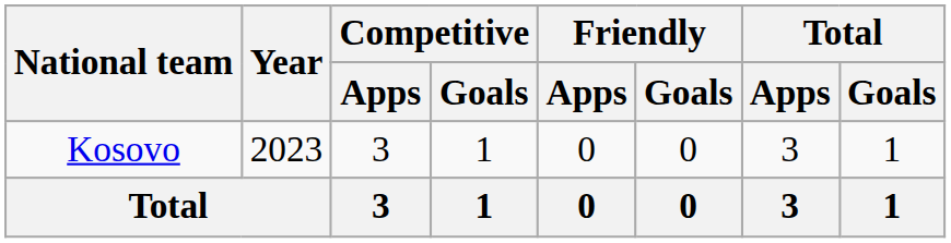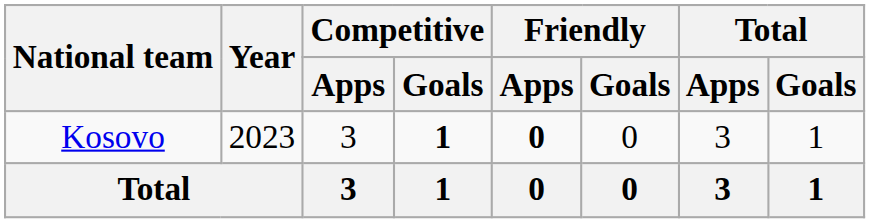 <table class="wikitable" style="text-align:center">
 <tr>
 <th rowspan="2">National team</th>
 <th rowspan="2">Year</th>
 <th colspan="2">Competitive</th>
 <th colspan="2">Friendly</th>
 <th colspan="2">Total</th>
 </tr>
 <tr>
 <th>Apps</th>
 <th>Goals</th>
 <th>Apps</th>
 <th>Goals</th>
 <th>Apps</th>
 <th>Goals</th>
 </tr>
 <tr>
 <td rowspan=1><a href='#'>Kosovo</a></td>
 <td>2023</td>
 <td>3</td>
-<td>1</td>
-<td>0</td>
+<td><strong>1</strong></td>
+<td><strong>0</strong></td>
 <td>0</td>
 <td>3</td>
 <td>1</td>
 </tr>
 <tr>
 <th colspan=2>Total</th>
 <th>3</th>
 <th>1</th>
 <th>0</th>
 <th>0</th>
 <th>3</th>
 <th>1</th>
 </tr>
 </table>
